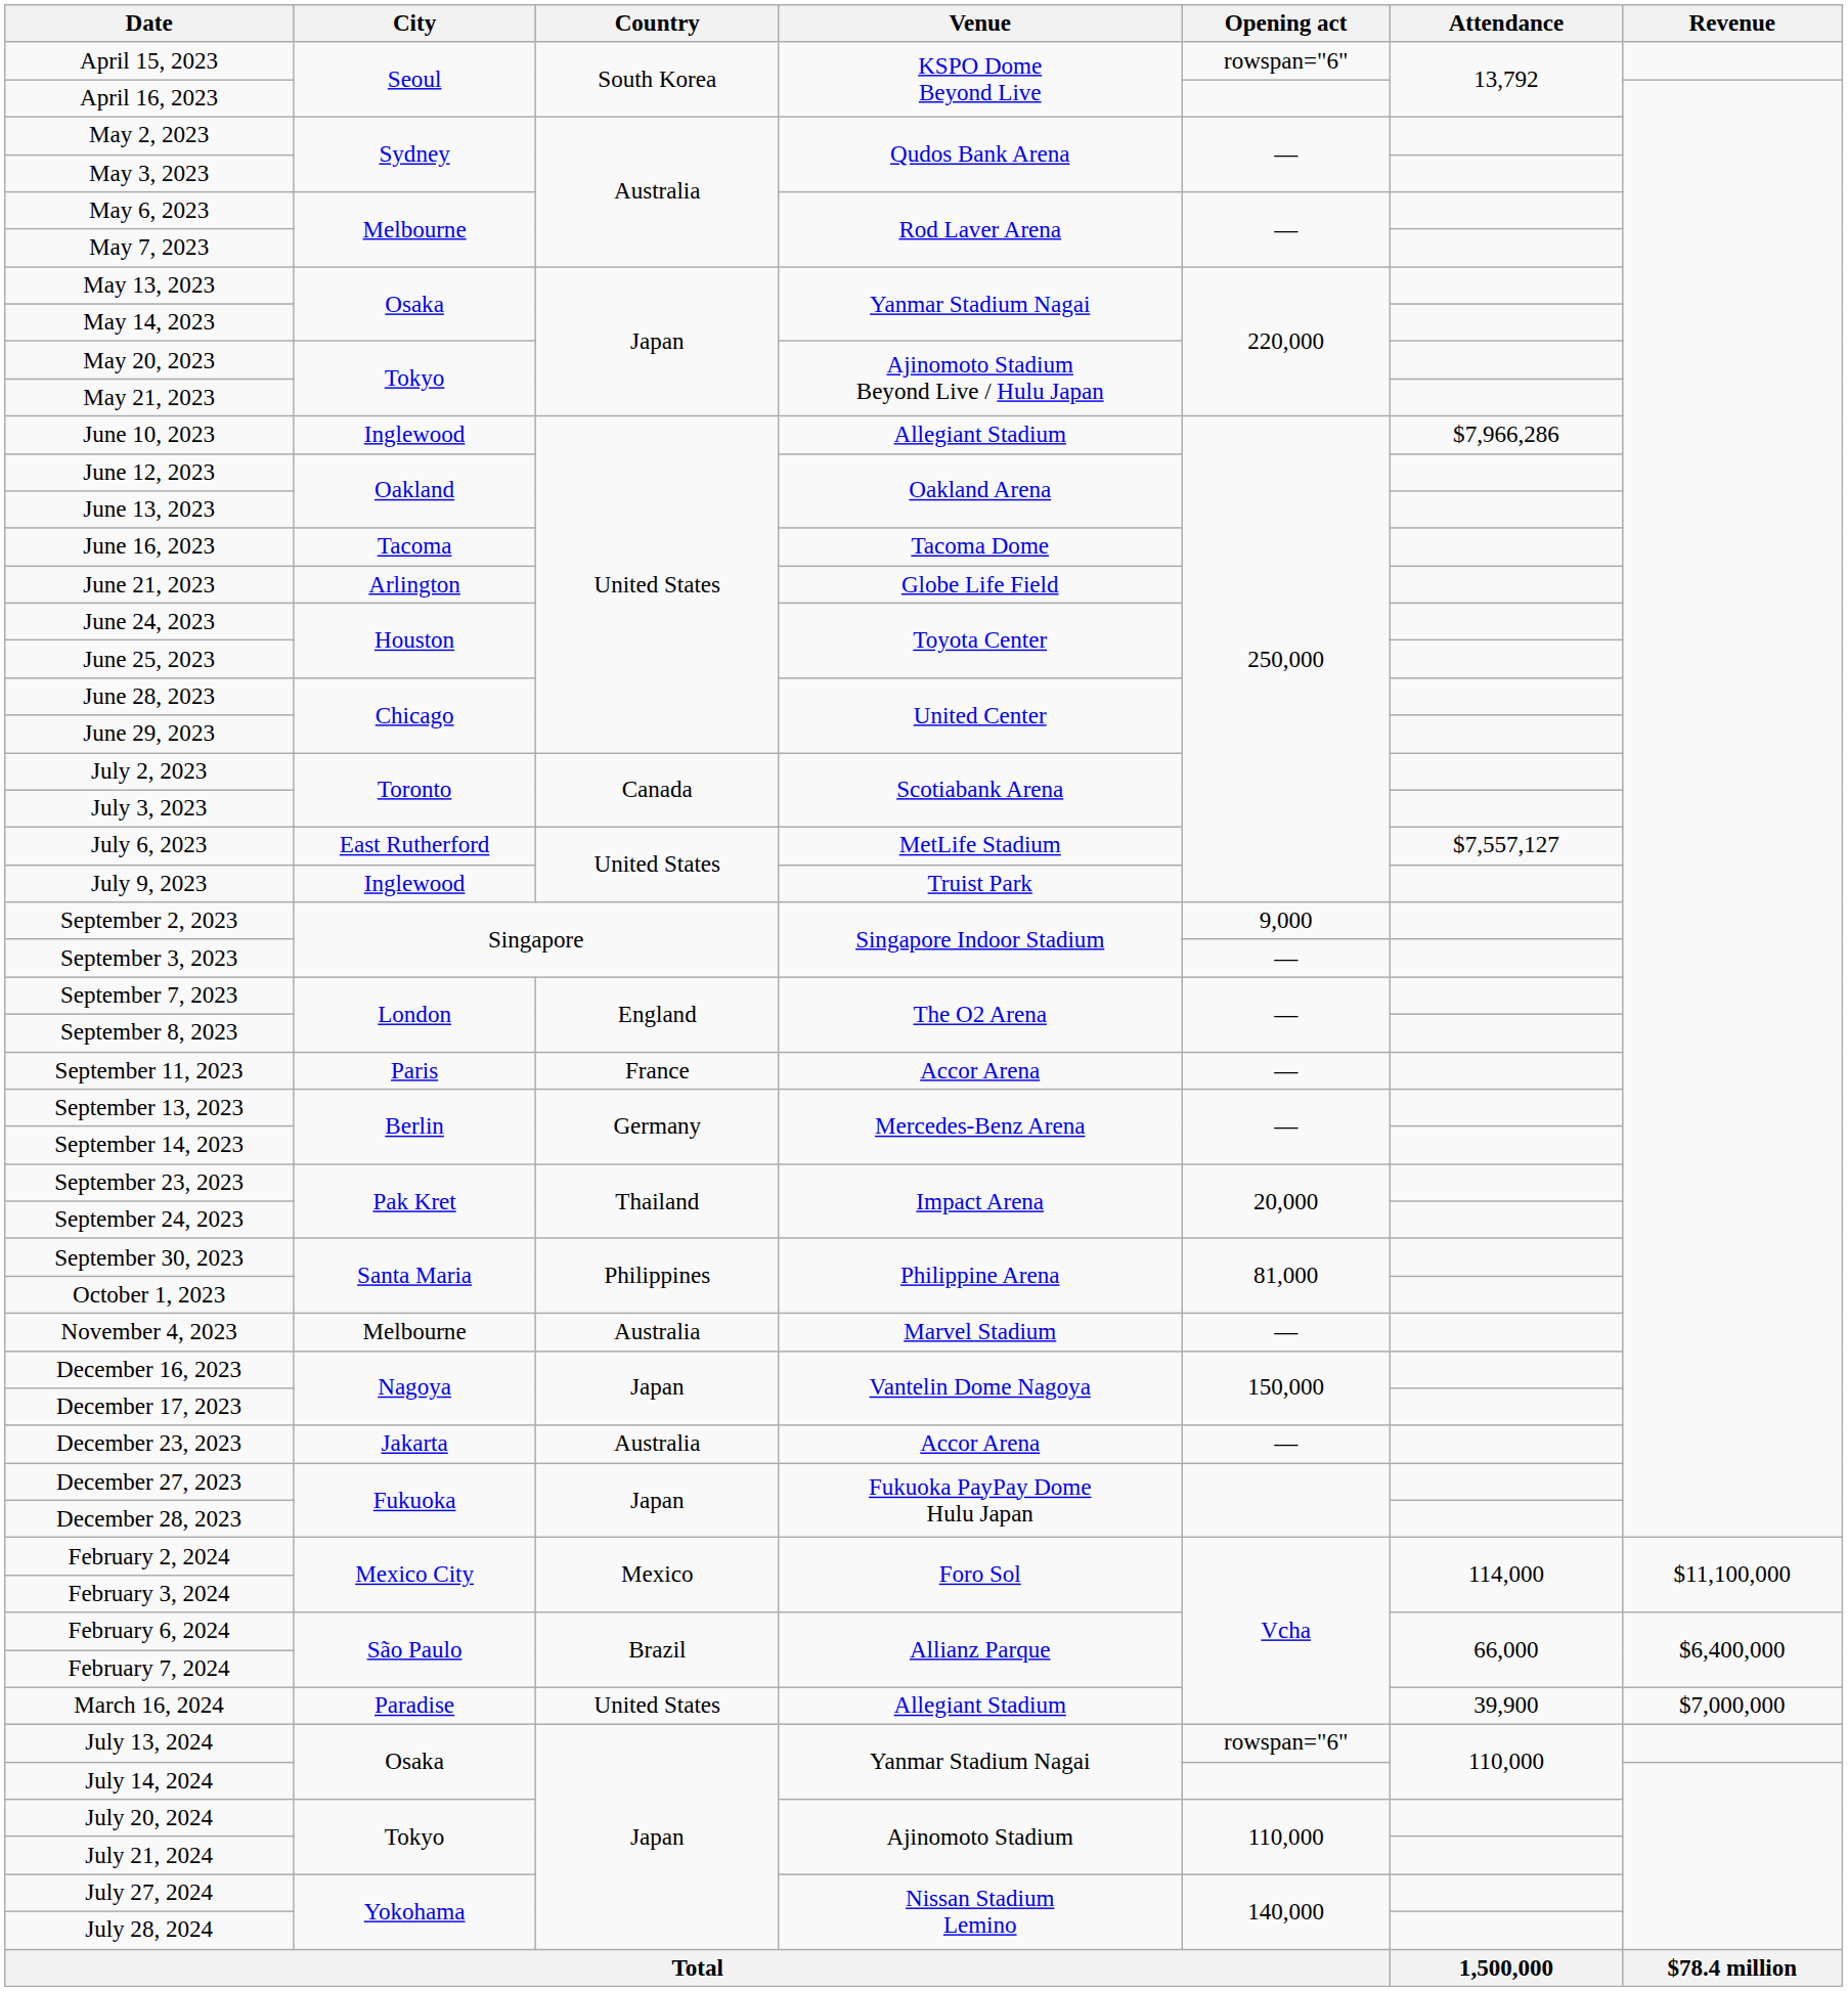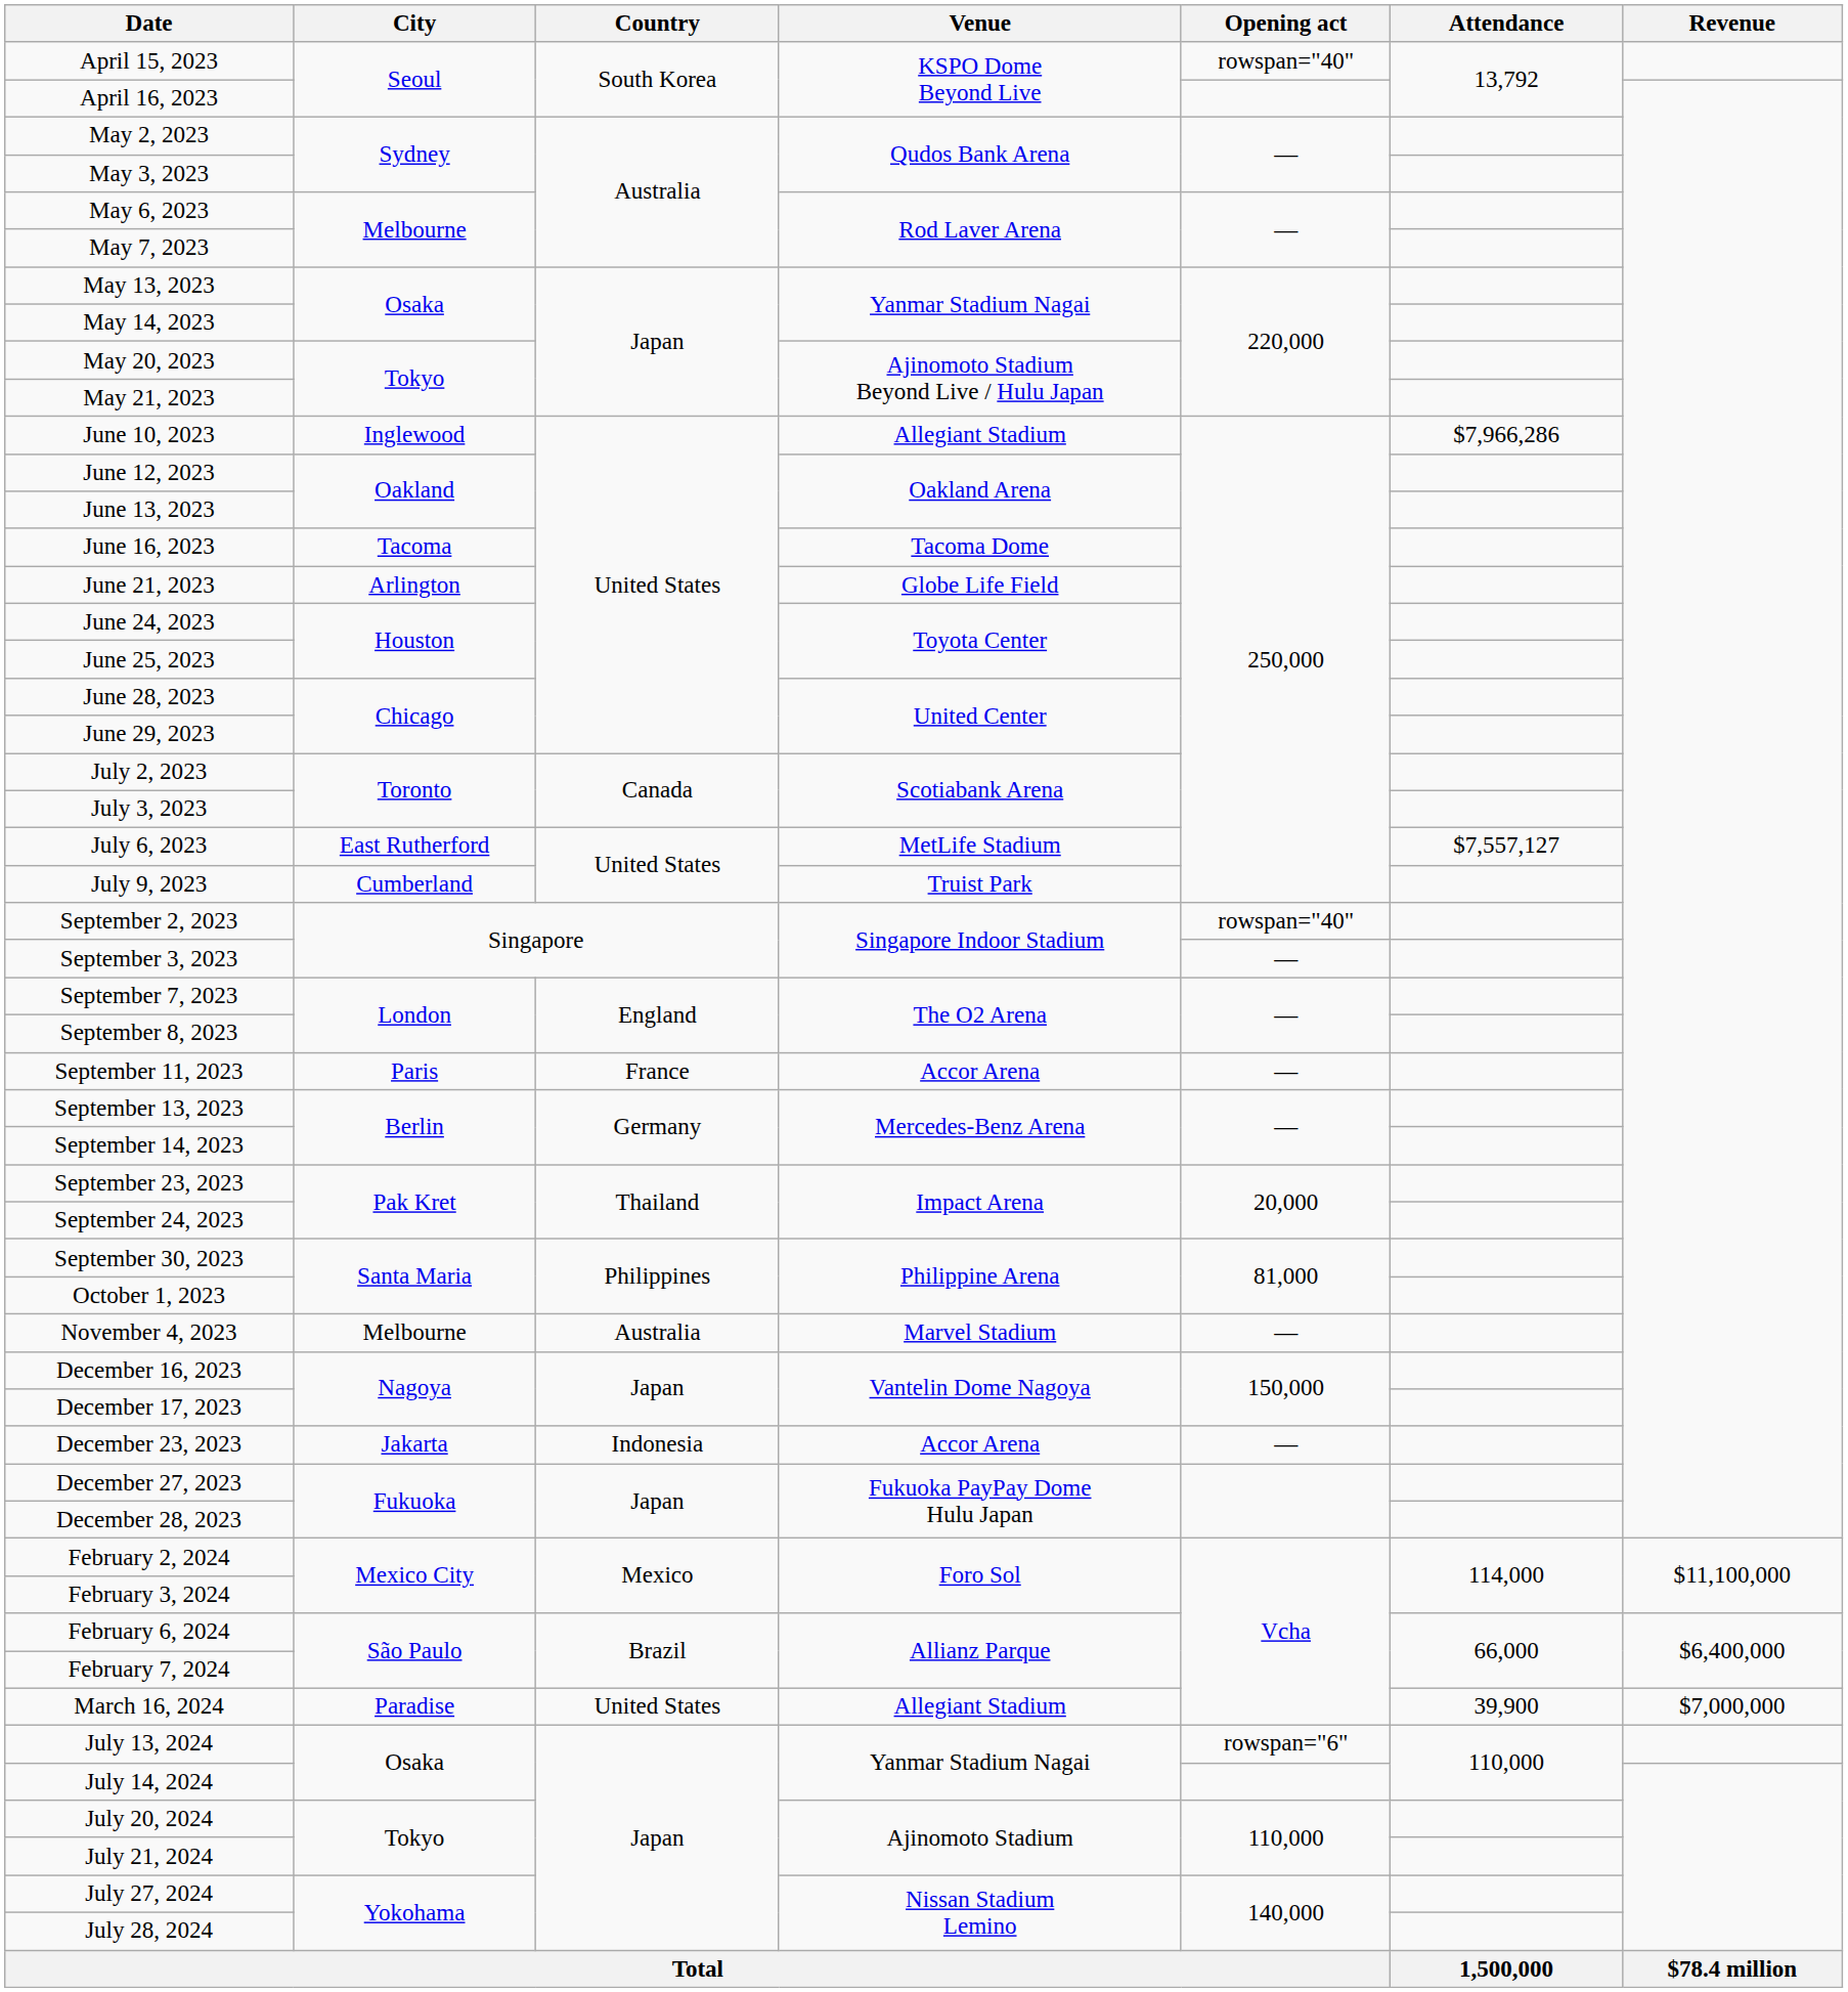 <table class="wikitable plainrowheaders" style="text-align:center;">
 <tr>
 <th scope="col" style="width:12em;">Date</th>
 <th scope="col" style="width:10em;">City</th>
 <th scope="col" style="width:10em;">Country</th>
 <th scope="col" style="width:17em;">Venue</th>
 <th scope="col" style="width:8.5em;">Opening act</th>
 <th scope="col" style="width:9.5em;">Attendance</th>
 <th scope="col" style="width:9em;">Revenue</th>
 </tr>
 <tr>
 <td>April 15, 2023</td>
 <td rowspan="2"><a href='#'>Seoul</a></td>
 <td rowspan="2">South Korea</td>
 <td rowspan="2"><a href='#'>KSPO Dome</a><br><a href='#'>Beyond Live</a></td>
-<td>rowspan="6"  </td>
+<td>rowspan="40" </td>
 <td rowspan="2">13,792</td>
 <td></td>
 </tr>
 <tr>
 <td>April 16, 2023</td>
 <td></td>
 </tr>
 <tr>
 <td>May 2, 2023</td>
 <td rowspan="2"><a href='#'>Sydney</a></td>
 <td rowspan="4">Australia</td>
 <td rowspan="2"><a href='#'>Qudos Bank Arena</a></td>
 <td rowspan="2">— </td>
 <td></td>
 </tr>
 <tr>
 <td>May 3, 2023</td>
 <td></td>
 </tr>
 <tr>
 <td>May 6, 2023</td>
 <td rowspan="2"><a href='#'>Melbourne</a></td>
 <td rowspan="2"><a href='#'>Rod Laver Arena</a></td>
 <td rowspan="2">— </td>
 <td></td>
 </tr>
 <tr>
 <td>May 7, 2023</td>
 <td></td>
 </tr>
 <tr>
 <td>May 13, 2023</td>
 <td rowspan="2"><a href='#'>Osaka</a></td>
 <td rowspan="4">Japan</td>
 <td rowspan="2"><a href='#'>Yanmar Stadium Nagai</a></td>
 <td rowspan="4">220,000</td>
 <td></td>
 </tr>
 <tr>
 <td>May 14, 2023</td>
 <td></td>
 </tr>
 <tr>
 <td>May 20, 2023</td>
 <td rowspan="2"><a href='#'>Tokyo</a></td>
 <td rowspan="2"><a href='#'>Ajinomoto Stadium</a><br>Beyond Live / <a href='#'>Hulu Japan</a></td>
 <td></td>
 </tr>
 <tr>
 <td>May 21, 2023</td>
 <td></td>
 </tr>
 <tr>
 <td>June 10, 2023</td>
 <td><a href='#'>Inglewood</a></td>
 <td rowspan="9">United States</td>
 <td><a href='#'>Allegiant Stadium</a></td>
 <td rowspan="13">250,000</td>
 <td>$7,966,286</td>
 </tr>
 <tr>
 <td>June 12, 2023</td>
 <td rowspan="2"><a href='#'>Oakland</a></td>
 <td rowspan="2"><a href='#'>Oakland Arena</a></td>
 <td></td>
 </tr>
 <tr>
 <td>June 13, 2023</td>
 <td></td>
 </tr>
 <tr>
 <td>June 16, 2023</td>
 <td><a href='#'>Tacoma</a></td>
 <td><a href='#'>Tacoma Dome</a></td>
 <td></td>
 </tr>
 <tr>
 <td>June 21, 2023</td>
 <td><a href='#'>Arlington</a></td>
 <td><a href='#'>Globe Life Field</a></td>
 <td></td>
 </tr>
 <tr>
 <td>June 24, 2023</td>
 <td rowspan="2"><a href='#'>Houston</a></td>
 <td rowspan="2"><a href='#'>Toyota Center</a></td>
 <td></td>
 </tr>
 <tr>
 <td>June 25, 2023</td>
 <td></td>
 </tr>
 <tr>
 <td>June 28, 2023</td>
 <td rowspan="2"><a href='#'>Chicago</a></td>
 <td rowspan="2"><a href='#'>United Center</a></td>
 <td></td>
 </tr>
 <tr>
 <td>June 29, 2023</td>
 <td></td>
 </tr>
 <tr>
 <td>July 2, 2023</td>
 <td rowspan="2"><a href='#'>Toronto</a></td>
 <td rowspan="2">Canada</td>
 <td rowspan="2"><a href='#'>Scotiabank Arena</a></td>
 <td></td>
 </tr>
 <tr>
 <td>July 3, 2023</td>
 <td></td>
 </tr>
 <tr>
 <td>July 6, 2023</td>
 <td><a href='#'>East Rutherford</a></td>
 <td rowspan="2">United States</td>
 <td><a href='#'>MetLife Stadium</a></td>
 <td>$7,557,127</td>
 </tr>
 <tr>
 <td>July 9, 2023</td>
-<td><a href='#'>Inglewood</a></td>
+<td><a href='#'>Cumberland</a></td>
 <td><a href='#'>Truist Park</a></td>
 <td></td>
 </tr>
 <tr>
 <td>September 2, 2023</td>
 <td rowspan="2" colspan="2">Singapore</td>
 <td rowspan="2"><a href='#'>Singapore Indoor Stadium</a></td>
-<td>9,000</td>
+<td>rowspan="40" </td>
 <td></td>
 </tr>
 <tr>
 <td>September 3, 2023</td>
 <td>— </td>
 <td></td>
 </tr>
 <tr>
 <td>September 7, 2023</td>
 <td rowspan="2"><a href='#'>London</a></td>
 <td rowspan="2">England</td>
 <td rowspan="2"><a href='#'>The O2 Arena</a></td>
 <td rowspan="2">— </td>
 <td></td>
 </tr>
 <tr>
 <td>September 8, 2023</td>
 <td></td>
 </tr>
 <tr>
 <td>September 11, 2023</td>
 <td><a href='#'>Paris</a></td>
 <td>France</td>
 <td><a href='#'>Accor Arena</a></td>
 <td>— </td>
 <td></td>
 </tr>
 <tr>
 <td>September 13, 2023</td>
 <td rowspan="2"><a href='#'>Berlin</a></td>
 <td rowspan="2">Germany</td>
 <td rowspan="2"><a href='#'>Mercedes-Benz Arena</a></td>
 <td rowspan="2">— </td>
 <td></td>
 </tr>
 <tr>
 <td>September 14, 2023</td>
 <td></td>
 </tr>
 <tr>
 <td>September 23, 2023</td>
 <td rowspan="2"><a href='#'>Pak Kret</a></td>
 <td rowspan="2">Thailand</td>
 <td rowspan="2"><a href='#'>Impact Arena</a></td>
 <td rowspan="2">20,000</td>
 <td></td>
 </tr>
 <tr>
 <td>September 24, 2023</td>
 <td></td>
 </tr>
 <tr>
 <td>September 30, 2023</td>
 <td rowspan="2"><a href='#'>Santa Maria</a></td>
 <td rowspan="2">Philippines</td>
 <td rowspan="2"><a href='#'>Philippine Arena</a></td>
 <td rowspan="2">81,000</td>
 <td></td>
 </tr>
 <tr>
 <td>October 1, 2023</td>
 <td></td>
 </tr>
 <tr>
 <td>November 4, 2023</td>
 <td>Melbourne</td>
 <td>Australia</td>
 <td><a href='#'>Marvel Stadium</a></td>
 <td>—</td>
 <td></td>
 </tr>
 <tr>
 <td>December 16, 2023</td>
 <td rowspan="2"><a href='#'>Nagoya</a></td>
 <td rowspan="2">Japan</td>
 <td rowspan="2"><a href='#'>Vantelin Dome Nagoya</a></td>
 <td rowspan="2">150,000</td>
 <td></td>
 </tr>
 <tr>
 <td>December 17, 2023</td>
 <td></td>
 </tr>
 <tr>
 <td>December 23, 2023</td>
 <td><a href='#'>Jakarta</a></td>
-<td>Australia</td>
+<td>Indonesia</td>
 <td><a href='#'>Accor Arena</a></td>
 <td>— </td>
 <td></td>
 </tr>
 <tr>
 <td>December 27, 2023</td>
 <td rowspan="2"><a href='#'>Fukuoka</a></td>
 <td rowspan="2">Japan</td>
 <td rowspan="2"><a href='#'>Fukuoka PayPay Dome</a><br>Hulu Japan</td>
 <td rowspan="2"></td>
 <td></td>
 </tr>
 <tr>
 <td>December 28, 2023</td>
 <td></td>
 </tr>
 <tr>
 <td>February 2, 2024</td>
 <td rowspan="2"><a href='#'>Mexico City</a></td>
 <td rowspan="2">Mexico</td>
 <td rowspan="2"><a href='#'>Foro Sol</a></td>
 <td rowspan="5"><a href='#'>Vcha</a></td>
 <td rowspan="2">114,000</td>
 <td rowspan="2">$11,100,000</td>
 </tr>
 <tr>
 <td>February 3, 2024</td>
 </tr>
 <tr>
 <td>February 6, 2024</td>
 <td rowspan="2"><a href='#'>São Paulo</a></td>
 <td rowspan="2">Brazil</td>
 <td rowspan="2"><a href='#'>Allianz Parque</a></td>
 <td rowspan="2">66,000</td>
 <td rowspan="2">$6,400,000</td>
 </tr>
 <tr>
 <td>February 7, 2024</td>
 </tr>
 <tr>
 <td>March 16, 2024</td>
 <td><a href='#'>Paradise</a></td>
 <td>United States</td>
 <td><a href='#'>Allegiant Stadium</a></td>
 <td>39,900</td>
 <td>$7,000,000</td>
 </tr>
 <tr>
 <td>July 13, 2024</td>
 <td rowspan="2">Osaka</td>
 <td rowspan="6">Japan</td>
 <td rowspan="2">Yanmar Stadium Nagai</td>
 <td>rowspan="6"  </td>
 <td rowspan="2">110,000</td>
 <td></td>
 </tr>
 <tr>
 <td>July 14, 2024</td>
 <td></td>
 </tr>
 <tr>
 <td>July 20, 2024</td>
 <td rowspan="2">Tokyo</td>
 <td rowspan="2">Ajinomoto Stadium</td>
 <td rowspan="2">110,000</td>
 <td></td>
 </tr>
 <tr>
 <td>July 21, 2024</td>
 <td></td>
 </tr>
 <tr>
 <td>July 27, 2024</td>
 <td rowspan="2"><a href='#'>Yokohama</a></td>
 <td rowspan="2"><a href='#'>Nissan Stadium</a><br><a href='#'>Lemino</a></td>
 <td rowspan="2">140,000</td>
 <td></td>
 </tr>
 <tr>
 <td>July 28, 2024</td>
 <td></td>
 </tr>
 <tr>
 <th colspan="5">Total</th>
 <th>1,500,000</th>
 <th>$78.4 million</th>
 </tr>
 </table>
